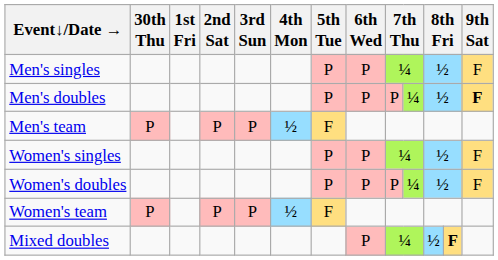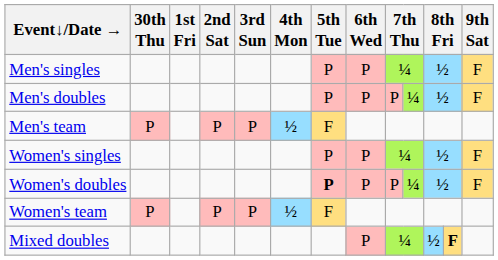 <table class="wikitable" style="margin:0.5em auto; font-size:90%; line-height:1.25em; text-align:center;">
 <tr>
 <th>Event↓/Date →</th>
 <th>30th<br>Thu</th>
 <th>1st<br>Fri</th>
 <th>2nd<br>Sat</th>
 <th>3rd<br>Sun</th>
 <th>4th<br>Mon</th>
 <th>5th<br>Tue</th>
 <th>6th<br>Wed</th>
 <th colspan=2>7th<br>Thu</th>
 <th colspan=2>8th<br>Fri</th>
 <th>9th<br>Sat</th>
 </tr>
 <tr>
 <td align="left"><a href='#'>Men's singles</a></td>
 <td></td>
 <td></td>
 <td></td>
 <td></td>
 <td></td>
 <td bgcolor="#FFBBBB">P</td>
 <td bgcolor="#FFBBBB">P</td>
 <td colspan=2 bgcolor="#AFF55B">¼</td>
 <td colspan=2 bgcolor="#97DEFF">½</td>
 <td bgcolor="#FFDF80">F</td>
 </tr>
 <tr>
 <td align="left"><a href='#'>Men's doubles</a></td>
 <td></td>
 <td></td>
 <td></td>
 <td></td>
 <td></td>
 <td bgcolor="#FFBBBB">P</td>
 <td bgcolor="#FFBBBB">P</td>
 <td bgcolor="#FFBBBB">P</td>
 <td bgcolor="#AFF55B">¼</td>
 <td colspan=2 bgcolor="#97DEFF">½</td>
-<td bgcolor="#FFDF80"><strong>F</strong></td>
+<td bgcolor="#FFDF80">F</td>
 </tr>
 <tr>
 <td align="left"><a href='#'>Men's team</a></td>
 <td bgcolor="#FFBBBB">P</td>
 <td></td>
 <td bgcolor="#FFBBBB">P</td>
 <td bgcolor="#FFBBBB">P</td>
 <td bgcolor="#97DEFF">½</td>
 <td bgcolor="#FFDF80">F</td>
 <td></td>
 <td colspan=2></td>
 <td colspan=2></td>
 <td></td>
 </tr>
 <tr>
 <td align="left"><a href='#'>Women's singles</a></td>
 <td></td>
 <td></td>
 <td></td>
 <td></td>
 <td></td>
 <td bgcolor="#FFBBBB">P</td>
 <td bgcolor="#FFBBBB">P</td>
 <td colspan=2 bgcolor="#AFF55B">¼</td>
 <td colspan=2 bgcolor="#97DEFF">½</td>
 <td bgcolor="#FFDF80">F</td>
 </tr>
 <tr>
 <td align="left"><a href='#'>Women's doubles</a></td>
 <td></td>
 <td></td>
 <td></td>
 <td></td>
 <td></td>
-<td bgcolor="#FFBBBB">P</td>
+<td bgcolor="#FFBBBB"><strong>P</strong></td>
 <td bgcolor="#FFBBBB">P</td>
 <td bgcolor="#FFBBBB">P</td>
 <td bgcolor="#AFF55B">¼</td>
 <td colspan=2 bgcolor="#97DEFF">½</td>
 <td bgcolor="#FFDF80">F</td>
 </tr>
 <tr>
 <td align="left"><a href='#'>Women's team</a></td>
 <td bgcolor="#FFBBBB">P</td>
 <td></td>
 <td bgcolor="#FFBBBB">P</td>
 <td bgcolor="#FFBBBB">P</td>
 <td bgcolor="#97DEFF">½</td>
 <td bgcolor="#FFDF80">F</td>
 <td></td>
 <td colspan=2></td>
 <td colspan=2></td>
 <td></td>
 </tr>
 <tr>
 <td align="left"><a href='#'>Mixed doubles</a></td>
 <td></td>
 <td></td>
 <td></td>
 <td></td>
 <td></td>
 <td></td>
 <td bgcolor="#FFBBBB">P</td>
 <td colspan=2 bgcolor="#AFF55B">¼</td>
 <td bgcolor="#97DEFF">½</td>
 <td bgcolor="#FFDF80"><strong>F</strong></td>
 <td></td>
 </tr>
 </table>
